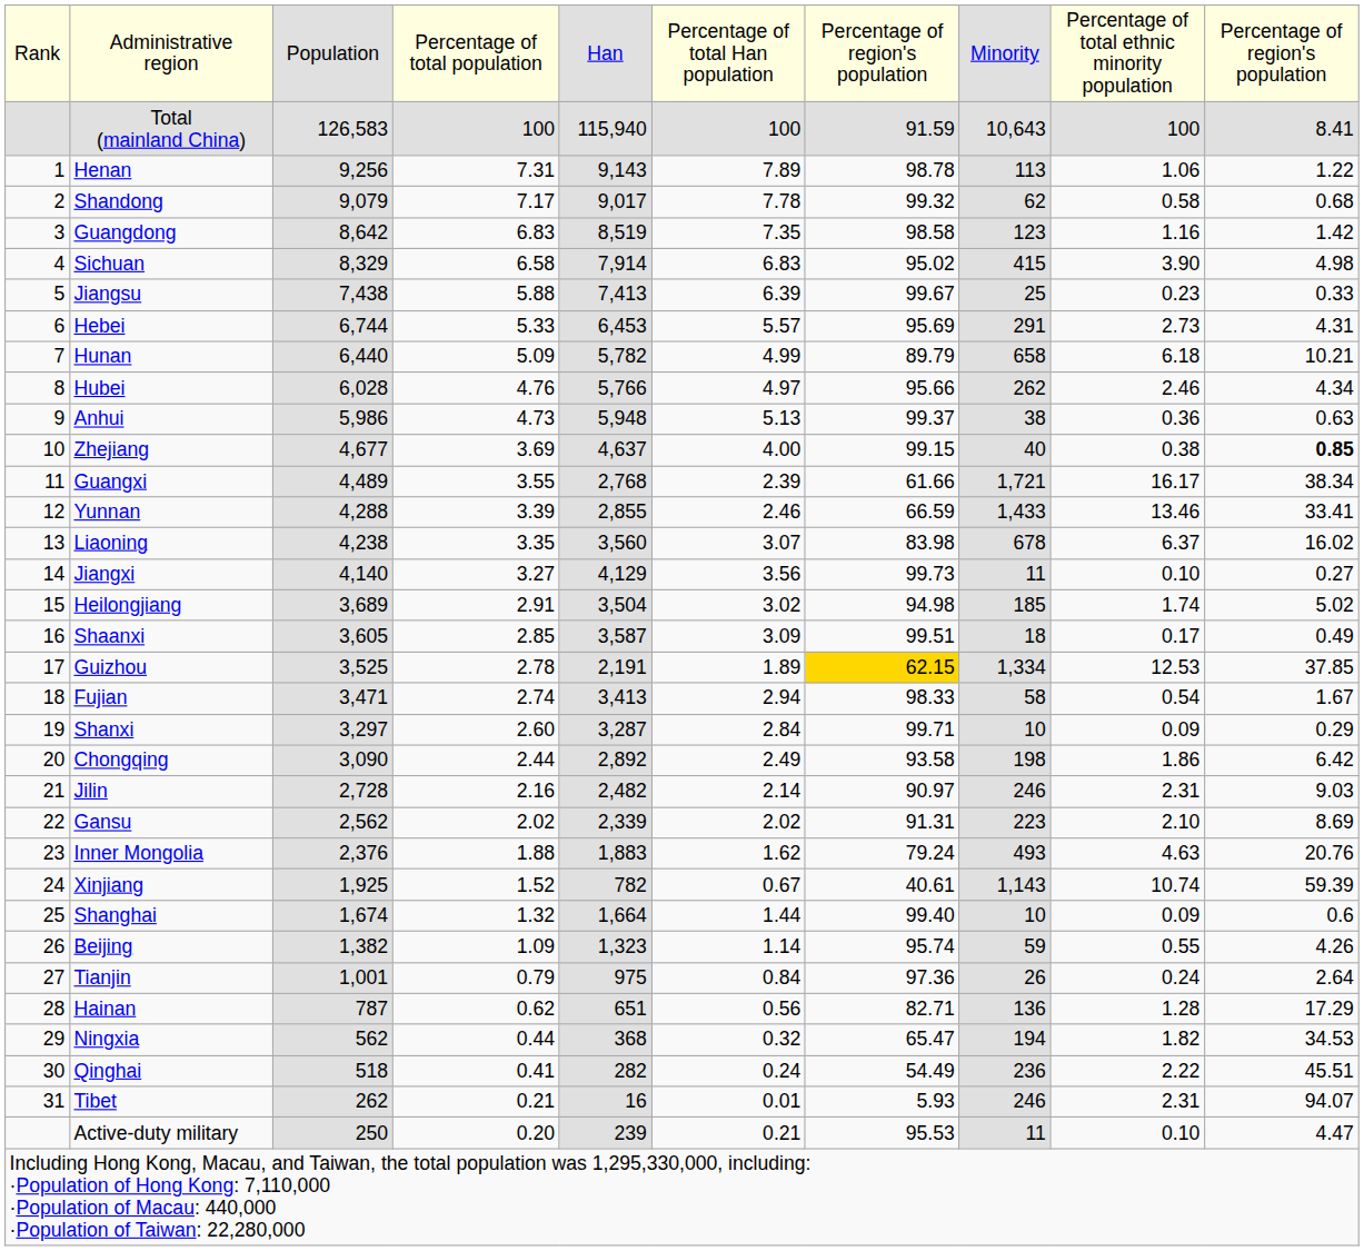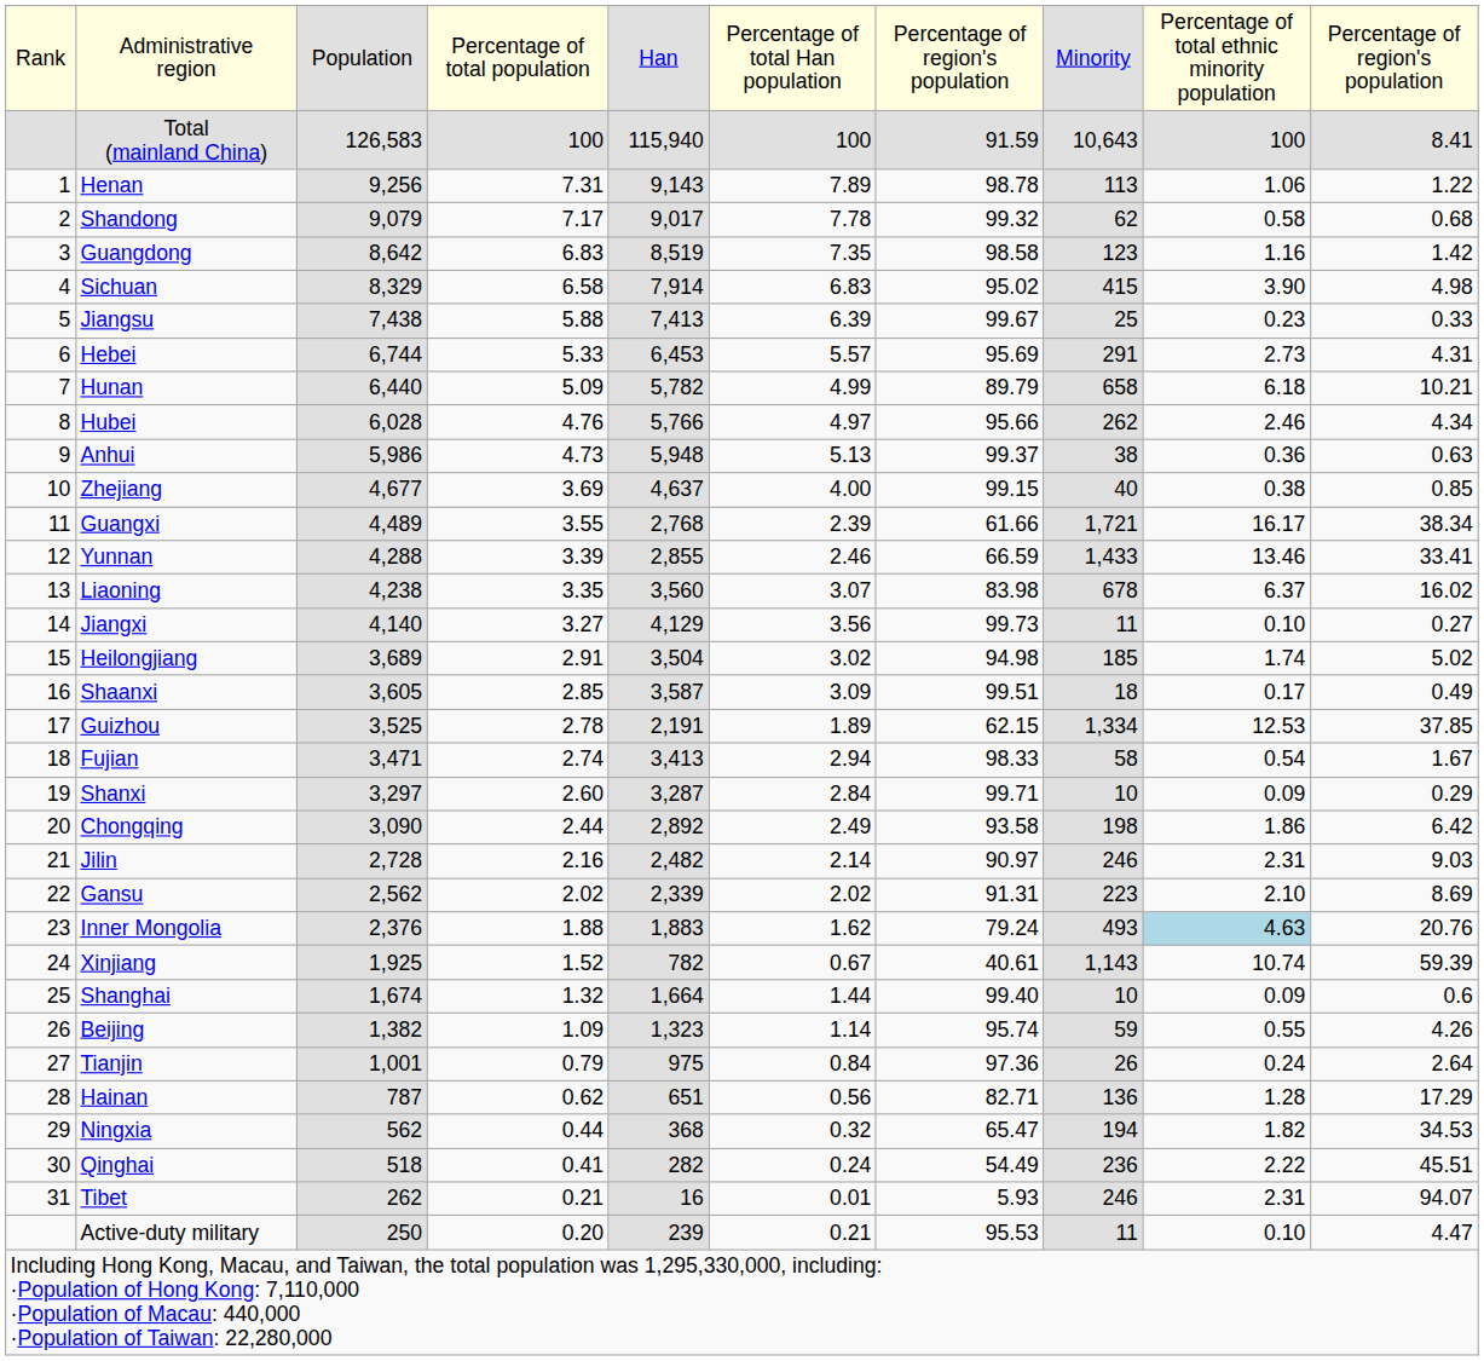 <table class="wikitable sortable">
 <tr valign=bottom bgcolor=" #FFFFE0 ">
 <td align="center" valign="middle">Rank<br></td>
 <td align="center" valign="middle">Administrative<br>region<br></td>
 <td align="center" bgcolor="#E0E0E0" valign="middle"><span>Population</span></td>
 <td align="center" valign="middle"><span> Percentage of<br>total population<br></span></td>
 <td align="center" bgcolor="#E0E0E0" valign="middle"><a href='#'>Han</a></td>
 <td align="center" valign="middle"><span> Percentage of<br>total Han<br>population<br></span></td>
 <td align="center" valign="middle"><span> Percentage of<br>region's<br>population<br></span></td>
 <td align="center" bgcolor="#E0E0E0" valign="middle"><span> <a href='#'>Minority</a></span></td>
 <td align="center" valign="middle"><span> Percentage of<br>total ethnic<br>minority<br>population<br></span></td>
 <td align="center" valign="middle"><span> Percentage of<br>region's<br>population<br></span></td>
 </tr>
 <tr>
 <td bgcolor="#E0E0E0"></td>
 <td align="center" bgcolor="#E0E0E0">Total<br>(<a href='#'>mainland China</a>)</td>
 <td align="right" bgcolor="#E0E0E0"><span>126,583</span></td>
 <td align="right" bgcolor="#E0E0E0">100</td>
 <td align="right" bgcolor="#E0E0E0"><span>115,940</span></td>
 <td align="right" bgcolor="#E0E0E0">100</td>
 <td align="right" bgcolor="#E0E0E0">91.59</td>
 <td align="right" bgcolor="#E0E0E0"><span>10,643</span></td>
 <td align="right" bgcolor="#E0E0E0">100</td>
 <td align="right" bgcolor="#E0E0E0">8.41</td>
 </tr>
 <tr>
 <td align="right">1</td>
 <td><a href='#'>Henan</a></td>
 <td align="right" bgcolor="#E0E0E0">9,256</td>
 <td align="right">7.31</td>
 <td align="right" bgcolor="#E0E0E0">9,143</td>
 <td align="right">7.89</td>
 <td align="right">98.78</td>
 <td align="right" bgcolor="#E0E0E0">113</td>
 <td align="right">1.06</td>
 <td align="right">1.22</td>
 </tr>
 <tr>
 <td align="right">2</td>
 <td><a href='#'>Shandong</a></td>
 <td align="right" bgcolor="#E0E0E0">9,079</td>
 <td align="right">7.17</td>
 <td align="right" bgcolor="#E0E0E0">9,017</td>
 <td align="right">7.78</td>
 <td align="right">99.32</td>
 <td align="right" bgcolor="#E0E0E0">62</td>
 <td align="right">0.58</td>
 <td align="right">0.68</td>
 </tr>
 <tr>
 <td align="right">3</td>
 <td><a href='#'>Guangdong</a></td>
 <td align="right" bgcolor="#E0E0E0">8,642</td>
 <td align="right">6.83</td>
 <td align="right" bgcolor="#E0E0E0">8,519</td>
 <td align="right">7.35</td>
 <td align="right">98.58</td>
 <td align="right" bgcolor="#E0E0E0">123</td>
 <td align="right">1.16</td>
 <td align="right">1.42</td>
 </tr>
 <tr>
 <td align="right">4</td>
 <td><a href='#'>Sichuan</a></td>
 <td align="right" bgcolor="#E0E0E0">8,329</td>
 <td align="right">6.58</td>
 <td align="right" bgcolor="#E0E0E0">7,914</td>
 <td align="right">6.83</td>
 <td align="right">95.02</td>
 <td align="right" bgcolor="#E0E0E0">415</td>
 <td align="right">3.90</td>
 <td align="right">4.98</td>
 </tr>
 <tr>
 <td align="right">5</td>
 <td><a href='#'>Jiangsu</a></td>
 <td align="right" bgcolor="#E0E0E0">7,438</td>
 <td align="right">5.88</td>
 <td align="right" bgcolor="#E0E0E0">7,413</td>
 <td align="right">6.39</td>
 <td align="right">99.67</td>
 <td align="right" bgcolor="#E0E0E0">25</td>
 <td align="right">0.23</td>
 <td align="right">0.33</td>
 </tr>
 <tr>
 <td align="right">6</td>
 <td><a href='#'>Hebei</a></td>
 <td align="right" bgcolor="#E0E0E0">6,744</td>
 <td align="right">5.33</td>
 <td align="right" bgcolor="#E0E0E0">6,453</td>
 <td align="right">5.57</td>
 <td align="right">95.69</td>
 <td align="right" bgcolor="#E0E0E0">291</td>
 <td align="right">2.73</td>
 <td align="right">4.31</td>
 </tr>
 <tr>
 <td align="right">7</td>
 <td><a href='#'>Hunan</a></td>
 <td align="right" bgcolor="#E0E0E0">6,440</td>
 <td align="right">5.09</td>
 <td align="right" bgcolor="#E0E0E0">5,782</td>
 <td align="right">4.99</td>
 <td align="right">89.79</td>
 <td align="right" bgcolor="#E0E0E0">658</td>
 <td align="right">6.18</td>
 <td align="right">10.21</td>
 </tr>
 <tr>
 <td align="right">8</td>
 <td><a href='#'>Hubei</a></td>
 <td align="right" bgcolor="#E0E0E0">6,028</td>
 <td align="right">4.76</td>
 <td align="right" bgcolor="#E0E0E0">5,766</td>
 <td align="right">4.97</td>
 <td align="right">95.66</td>
 <td align="right" bgcolor="#E0E0E0">262</td>
 <td align="right">2.46</td>
 <td align="right">4.34</td>
 </tr>
 <tr>
 <td align="right">9</td>
 <td><a href='#'>Anhui</a></td>
 <td align="right" bgcolor="#E0E0E0">5,986</td>
 <td align="right">4.73</td>
 <td align="right" bgcolor="#E0E0E0">5,948</td>
 <td align="right">5.13</td>
 <td align="right">99.37</td>
 <td align="right" bgcolor="#E0E0E0">38</td>
 <td align="right">0.36</td>
 <td align="right">0.63</td>
 </tr>
 <tr>
 <td align="right">10</td>
 <td><a href='#'>Zhejiang</a></td>
 <td align="right" bgcolor="#E0E0E0">4,677</td>
 <td align="right">3.69</td>
 <td align="right" bgcolor="#E0E0E0">4,637</td>
 <td align="right">4.00</td>
 <td align="right">99.15</td>
 <td align="right" bgcolor="#E0E0E0">40</td>
 <td align="right">0.38</td>
-<td align="right"><strong>0.85</strong></td>
+<td align="right">0.85</td>
 </tr>
 <tr>
 <td align="right">11</td>
 <td><a href='#'>Guangxi</a></td>
 <td align="right" bgcolor="#E0E0E0">4,489</td>
 <td align="right">3.55</td>
 <td align="right" bgcolor="#E0E0E0">2,768</td>
 <td align="right">2.39</td>
 <td align="right">61.66</td>
 <td align="right" bgcolor="#E0E0E0">1,721</td>
 <td align="right">16.17</td>
 <td align="right">38.34</td>
 </tr>
 <tr>
 <td align="right">12</td>
 <td><a href='#'>Yunnan</a></td>
 <td align="right" bgcolor="#E0E0E0">4,288</td>
 <td align="right">3.39</td>
 <td align="right" bgcolor="#E0E0E0">2,855</td>
 <td align="right">2.46</td>
 <td align="right">66.59</td>
 <td align="right" bgcolor="#E0E0E0">1,433</td>
 <td align="right">13.46</td>
 <td align="right">33.41</td>
 </tr>
 <tr>
 <td align="right">13</td>
 <td><a href='#'>Liaoning</a></td>
 <td align="right" bgcolor="#E0E0E0">4,238</td>
 <td align="right">3.35</td>
 <td align="right" bgcolor="#E0E0E0">3,560</td>
 <td align="right">3.07</td>
 <td align="right">83.98</td>
 <td align="right" bgcolor="#E0E0E0">678</td>
 <td align="right">6.37</td>
 <td align="right">16.02</td>
 </tr>
 <tr>
 <td align="right">14</td>
 <td><a href='#'>Jiangxi</a></td>
 <td align="right" bgcolor="#E0E0E0">4,140</td>
 <td align="right">3.27</td>
 <td align="right" bgcolor="#E0E0E0">4,129</td>
 <td align="right">3.56</td>
 <td align="right">99.73</td>
 <td align="right" bgcolor="#E0E0E0">11</td>
 <td align="right">0.10</td>
 <td align="right">0.27</td>
 </tr>
 <tr>
 <td align="right">15</td>
 <td><a href='#'>Heilongjiang</a></td>
 <td align="right" bgcolor="#E0E0E0">3,689</td>
 <td align="right">2.91</td>
 <td align="right" bgcolor="#E0E0E0">3,504</td>
 <td align="right">3.02</td>
 <td align="right">94.98</td>
 <td align="right" bgcolor="#E0E0E0">185</td>
 <td align="right">1.74</td>
 <td align="right">5.02</td>
 </tr>
 <tr>
 <td align="right">16</td>
 <td><a href='#'>Shaanxi</a></td>
 <td align="right" bgcolor="#E0E0E0">3,605</td>
 <td align="right">2.85</td>
 <td align="right" bgcolor="#E0E0E0">3,587</td>
 <td align="right">3.09</td>
 <td align="right">99.51</td>
 <td align="right" bgcolor="#E0E0E0">18</td>
 <td align="right">0.17</td>
 <td align="right">0.49</td>
 </tr>
 <tr>
 <td align="right">17</td>
 <td><a href='#'>Guizhou</a></td>
 <td align="right" bgcolor="#E0E0E0">3,525</td>
 <td align="right">2.78</td>
 <td align="right" bgcolor="#E0E0E0">2,191</td>
 <td align="right">1.89</td>
-<td align="right" style="background: gold;">62.15</td>
+<td align="right">62.15</td>
 <td align="right" bgcolor="#E0E0E0">1,334</td>
 <td align="right">12.53</td>
 <td align="right">37.85</td>
 </tr>
 <tr>
 <td align="right">18</td>
 <td><a href='#'>Fujian</a></td>
 <td align="right" bgcolor="#E0E0E0">3,471</td>
 <td align="right">2.74</td>
 <td align="right" bgcolor="#E0E0E0">3,413</td>
 <td align="right">2.94</td>
 <td align="right">98.33</td>
 <td align="right" bgcolor="#E0E0E0">58</td>
 <td align="right">0.54</td>
 <td align="right">1.67</td>
 </tr>
 <tr>
 <td align="right">19</td>
 <td><a href='#'>Shanxi</a></td>
 <td align="right" bgcolor="#E0E0E0">3,297</td>
 <td align="right">2.60</td>
 <td align="right" bgcolor="#E0E0E0">3,287</td>
 <td align="right">2.84</td>
 <td align="right">99.71</td>
 <td align="right" bgcolor="#E0E0E0">10</td>
 <td align="right">0.09</td>
 <td align="right">0.29</td>
 </tr>
 <tr>
 <td align="right">20</td>
 <td><a href='#'>Chongqing</a></td>
 <td align="right" bgcolor="#E0E0E0">3,090</td>
 <td align="right">2.44</td>
 <td align="right" bgcolor="#E0E0E0">2,892</td>
 <td align="right">2.49</td>
 <td align="right">93.58</td>
 <td align="right" bgcolor="#E0E0E0">198</td>
 <td align="right">1.86</td>
 <td align="right">6.42</td>
 </tr>
 <tr>
 <td align="right">21</td>
 <td><a href='#'>Jilin</a></td>
 <td align="right" bgcolor="#E0E0E0">2,728</td>
 <td align="right">2.16</td>
 <td align="right" bgcolor="#E0E0E0">2,482</td>
 <td align="right">2.14</td>
 <td align="right">90.97</td>
 <td align="right" bgcolor="#E0E0E0">246</td>
 <td align="right">2.31</td>
 <td align="right">9.03</td>
 </tr>
 <tr>
 <td align="right">22</td>
 <td><a href='#'>Gansu</a></td>
 <td align="right" bgcolor="#E0E0E0">2,562</td>
 <td align="right">2.02</td>
 <td align="right" bgcolor="#E0E0E0">2,339</td>
 <td align="right">2.02</td>
 <td align="right">91.31</td>
 <td align="right" bgcolor="#E0E0E0">223</td>
 <td align="right">2.10</td>
 <td align="right">8.69</td>
 </tr>
 <tr>
 <td align="right">23</td>
 <td><a href='#'>Inner Mongolia</a></td>
 <td align="right" bgcolor="#E0E0E0">2,376</td>
 <td align="right">1.88</td>
 <td align="right" bgcolor="#E0E0E0">1,883</td>
 <td align="right">1.62</td>
 <td align="right">79.24</td>
 <td align="right" bgcolor="#E0E0E0">493</td>
-<td align="right">4.63</td>
+<td align="right" style="background: lightblue;">4.63</td>
 <td align="right">20.76</td>
 </tr>
 <tr>
 <td align="right">24</td>
 <td><a href='#'>Xinjiang</a></td>
 <td align="right" bgcolor="#E0E0E0">1,925</td>
 <td align="right">1.52</td>
 <td align="right" bgcolor="#E0E0E0">782</td>
 <td align="right">0.67</td>
 <td align="right">40.61</td>
 <td align="right" bgcolor="#E0E0E0">1,143</td>
 <td align="right">10.74</td>
 <td align="right">59.39</td>
 </tr>
 <tr>
 <td align="right">25</td>
 <td><a href='#'>Shanghai</a></td>
 <td align="right" bgcolor="#E0E0E0">1,674</td>
 <td align="right">1.32</td>
 <td align="right" bgcolor="#E0E0E0">1,664</td>
 <td align="right">1.44</td>
 <td align="right">99.40</td>
 <td align="right" bgcolor="#E0E0E0">10</td>
 <td align="right">0.09</td>
 <td align="right">0.6</td>
 </tr>
 <tr>
 <td align="right">26</td>
 <td><a href='#'>Beijing</a></td>
 <td align="right" bgcolor="#E0E0E0">1,382</td>
 <td align="right">1.09</td>
 <td align="right" bgcolor="#E0E0E0">1,323</td>
 <td align="right">1.14</td>
 <td align="right">95.74</td>
 <td align="right" bgcolor="#E0E0E0">59</td>
 <td align="right">0.55</td>
 <td align="right">4.26</td>
 </tr>
 <tr>
 <td align="right">27</td>
 <td><a href='#'>Tianjin</a></td>
 <td align="right" bgcolor="#E0E0E0">1,001</td>
 <td align="right">0.79</td>
 <td align="right" bgcolor="#E0E0E0">975</td>
 <td align="right">0.84</td>
 <td align="right">97.36</td>
 <td align="right" bgcolor="#E0E0E0">26</td>
 <td align="right">0.24</td>
 <td align="right">2.64</td>
 </tr>
 <tr>
 <td align="right">28</td>
 <td><a href='#'>Hainan</a></td>
 <td align="right" bgcolor="#E0E0E0">787</td>
 <td align="right">0.62</td>
 <td align="right" bgcolor="#E0E0E0">651</td>
 <td align="right">0.56</td>
 <td align="right">82.71</td>
 <td align="right" bgcolor="#E0E0E0">136</td>
 <td align="right">1.28</td>
 <td align="right">17.29</td>
 </tr>
 <tr>
 <td align="right">29</td>
 <td><a href='#'>Ningxia</a></td>
 <td align="right" bgcolor="#E0E0E0">562</td>
 <td align="right">0.44</td>
 <td align="right" bgcolor="#E0E0E0">368</td>
 <td align="right">0.32</td>
 <td align="right">65.47</td>
 <td align="right" bgcolor="#E0E0E0">194</td>
 <td align="right">1.82</td>
 <td align="right">34.53</td>
 </tr>
 <tr>
 <td align="right">30</td>
 <td><a href='#'>Qinghai</a></td>
 <td align="right" bgcolor="#E0E0E0">518</td>
 <td align="right">0.41</td>
 <td align="right" bgcolor="#E0E0E0">282</td>
 <td align="right">0.24</td>
 <td align="right">54.49</td>
 <td align="right" bgcolor="#E0E0E0">236</td>
 <td align="right">2.22</td>
 <td align="right">45.51</td>
 </tr>
 <tr>
 <td align="right">31</td>
 <td><a href='#'>Tibet</a></td>
 <td align="right" bgcolor="#E0E0E0">262</td>
 <td align="right">0.21</td>
 <td align="right" bgcolor="#E0E0E0">16</td>
 <td align="right">0.01</td>
 <td align="right">5.93</td>
 <td align="right" bgcolor="#E0E0E0">246</td>
 <td align="right">2.31</td>
 <td align="right">94.07</td>
 </tr>
 <tr>
 <td align="right"></td>
 <td><span>Active-duty military</span></td>
 <td align="right" bgcolor="#E0E0E0">250</td>
 <td align="right">0.20</td>
 <td align="right" bgcolor="#E0E0E0">239</td>
 <td align="right">0.21</td>
 <td align="right">95.53</td>
 <td align="right" bgcolor="#E0E0E0">11</td>
 <td align="right">0.10</td>
 <td align="right">4.47</td>
 </tr>
 <tr>
 <td colspan="10" width="85%"><span>Including Hong Kong, Macau, and Taiwan, the total population was 1,295,330,000, including:<br>·<a href='#'>Population of Hong Kong</a>: 7,110,000<br>·<a href='#'>Population of Macau</a>: 440,000<br>·<a href='#'>Population of Taiwan</a>: 22,280,000</span></td>
 </tr>
 </table>
